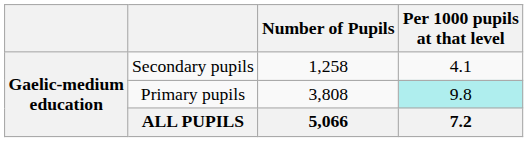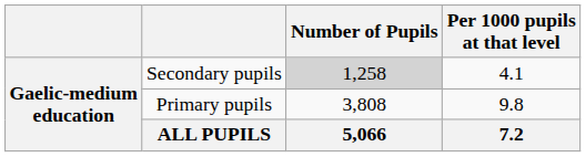 <table class="wikitable" style="text-align:center">
 <tr>
 <th></th>
 <th></th>
 <th>Number of Pupils</th>
 <th>Per 1000 pupils<br>at that level</th>
 </tr>
 <tr>
 <th rowspan="3">Gaelic-medium <br>education</th>
 <td>Secondary pupils</td>
-<td>1,258</td>
+<td style="background: lightgrey;">1,258</td>
 <td>4.1</td>
 </tr>
 <tr>
 <td>Primary pupils</td>
 <td>3,808</td>
-<td style="background: paleturquoise;">9.8</td>
+<td>9.8</td>
 </tr>
 <tr>
 <th><strong>ALL PUPILS</strong></th>
 <th><strong>5,066</strong></th>
 <th><strong>7.2</strong></th>
 </tr>
 </table>
